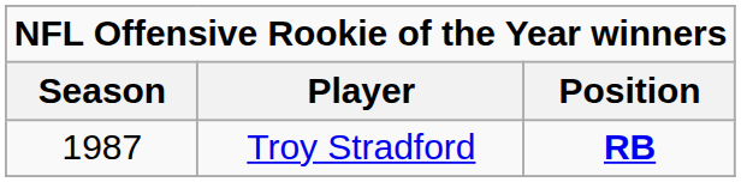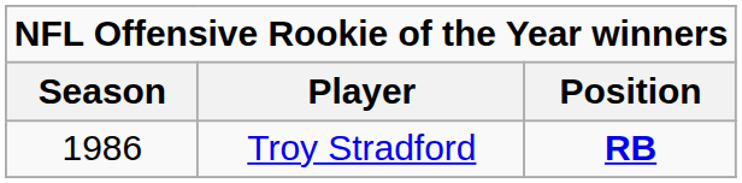 <table class="wikitable" style="text-align:center">
 <tr>
 <td colspan="3"><strong>NFL Offensive Rookie of the Year winners</strong></td>
 </tr>
 <tr>
 <th>Season</th>
 <th>Player</th>
 <th>Position</th>
 </tr>
 <tr>
-<td>1987</td>
+<td>1986</td>
 <td><a href='#'>Troy Stradford</a></td>
 <td><strong><a href='#'>RB</a></strong></td>
 </tr>
 </table>
